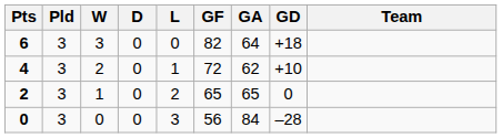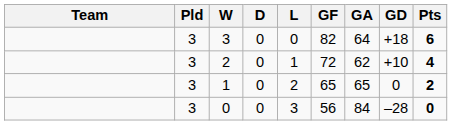 <table class="wikitable" style="text-align: center;">
 <tr>
-<th width="30">Pts</th>
+<th width="180">Team</th>
 <th width="30">Pld</th>
 <th width="30">W</th>
 <th width="30">D</th>
 <th width="30">L</th>
 <th width="30">GF</th>
 <th width="30">GA</th>
 <th width="30">GD</th>
-<th width="180">Team</th>
+<th width="30">Pts</th>
 </tr>
 <tr>
-<td><strong>6</strong></td>
+<td align="left"></td>
 <td>3</td>
 <td>3</td>
 <td>0</td>
 <td>0</td>
 <td>82</td>
 <td>64</td>
 <td>+18</td>
-<td align="left"></td>
+<td><strong>6</strong></td>
 </tr>
 <tr>
-<td><strong>4</strong></td>
+<td align="left"></td>
 <td>3</td>
 <td>2</td>
 <td>0</td>
 <td>1</td>
 <td>72</td>
 <td>62</td>
 <td>+10</td>
-<td align="left"></td>
+<td><strong>4</strong></td>
 </tr>
 <tr>
-<td><strong>2</strong></td>
+<td align="left"></td>
 <td>3</td>
 <td>1</td>
 <td>0</td>
 <td>2</td>
 <td>65</td>
 <td>65</td>
 <td>0</td>
-<td align="left"></td>
+<td><strong>2</strong></td>
 </tr>
 <tr>
-<td><strong>0</strong></td>
+<td align="left"></td>
 <td>3</td>
 <td>0</td>
 <td>0</td>
 <td>3</td>
 <td>56</td>
 <td>84</td>
 <td>–28</td>
-<td align="left"></td>
+<td><strong>0</strong></td>
 </tr>
 </table>
